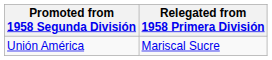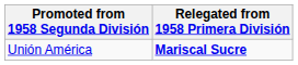 <table class="wikitable">
 <tr>
 <th>Promoted from<br><a href='#'>1958 Segunda División</a></th>
 <th>Relegated from<br><a href='#'>1958 Primera División</a></th>
 </tr>
 <tr>
 <td> <a href='#'>Unión América</a> </td>
-<td> <a href='#'>Mariscal Sucre</a> </td>
+<td><strong> <a href='#'>Mariscal Sucre</a> </strong></td>
 </tr>
 </table>
